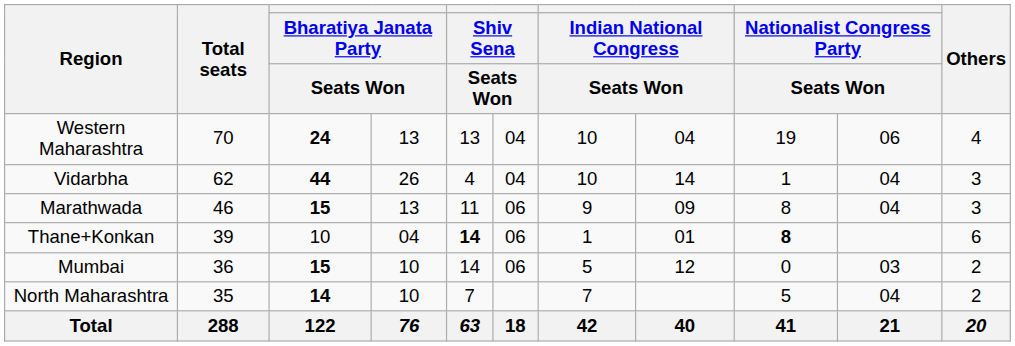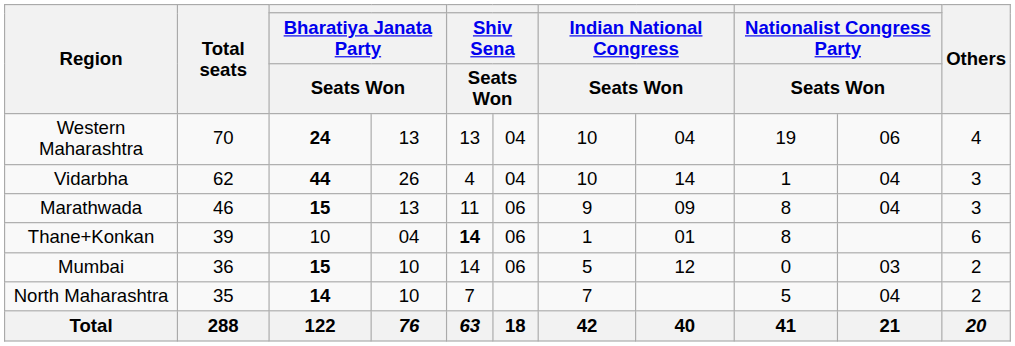 <table class="wikitable sortable" style="text-align:center;">
 <tr>
 <th rowspan="3">Region</th>
 <th rowspan="3">Total seats</th>
 <th colspan="2"></th>
 <th colspan="2"></th>
 <th colspan="2"></th>
 <th colspan="2"></th>
 <th rowspan="3">Others</th>
 </tr>
 <tr bgcolor="#cccccc">
 <th colspan="2"><a href='#'>Bharatiya Janata Party</a></th>
 <th colspan="2"><a href='#'>Shiv Sena</a></th>
 <th colspan="2"><a href='#'>Indian National Congress</a></th>
 <th colspan="2"><a href='#'>Nationalist Congress Party</a></th>
 </tr>
 <tr>
 <th colspan="2">Seats Won</th>
 <th colspan="2">Seats Won</th>
 <th colspan="2">Seats Won</th>
 <th colspan="2">Seats Won</th>
 </tr>
 <tr>
 <td>Western Maharashtra</td>
 <td>70</td>
 <td><strong>24</strong></td>
 <td> 13</td>
 <td>13</td>
 <td> 04</td>
 <td>10</td>
 <td> 04</td>
 <td>19</td>
 <td> 06</td>
 <td>4</td>
 </tr>
 <tr>
 <td>Vidarbha</td>
 <td>62</td>
 <td><strong>44</strong></td>
 <td> 26</td>
 <td>4</td>
 <td> 04</td>
 <td>10</td>
 <td> 14</td>
 <td>1</td>
 <td> 04</td>
 <td>3</td>
 </tr>
 <tr>
 <td>Marathwada</td>
 <td>46</td>
 <td><strong>15</strong></td>
 <td> 13</td>
 <td>11</td>
 <td> 06</td>
 <td>9</td>
 <td> 09</td>
 <td>8</td>
 <td> 04</td>
 <td>3</td>
 </tr>
 <tr>
 <td>Thane+Konkan</td>
 <td>39</td>
 <td>10</td>
 <td> 04</td>
 <td><strong>14</strong></td>
 <td> 06</td>
 <td>1</td>
 <td> 01</td>
-<td><strong>8</strong></td>
+<td>8</td>
 <td></td>
 <td>6</td>
 </tr>
 <tr>
 <td>Mumbai</td>
 <td>36</td>
 <td><strong>15</strong></td>
 <td> 10</td>
 <td>14</td>
 <td> 06</td>
 <td>5</td>
 <td> 12</td>
 <td>0</td>
 <td> 03</td>
 <td>2</td>
 </tr>
 <tr>
 <td>North Maharashtra</td>
 <td>35</td>
 <td><strong>14</strong></td>
 <td> 10</td>
 <td>7</td>
 <td></td>
 <td>7</td>
 <td></td>
 <td>5</td>
 <td> 04</td>
 <td>2</td>
 </tr>
 <tr>
 <th><strong>Total</strong></th>
 <th><strong>288</strong></th>
 <th><strong>122</strong></th>
 <th><em> 76</em></th>
 <th><strong><em>63</em></strong></th>
 <th> 18</th>
 <th><strong>42</strong></th>
 <th> 40</th>
 <th><strong>41</strong></th>
 <th> 21</th>
 <th><strong><em>20</em></strong></th>
 </tr>
 </table>
